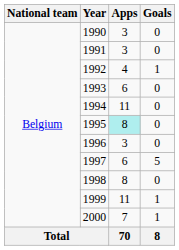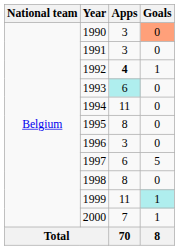 <table class="wikitable" style="text-align:center">
 <tr>
 <th>National team</th>
 <th>Year</th>
 <th>Apps</th>
 <th>Goals</th>
 </tr>
 <tr>
 <td rowspan="11"><a href='#'>Belgium</a></td>
 <td>1990</td>
 <td>3</td>
-<td>0</td>
+<td style="background: lightsalmon;">0</td>
 </tr>
 <tr>
 <td>1991</td>
 <td>3</td>
 <td>0</td>
 </tr>
 <tr>
 <td>1992</td>
-<td>4</td>
+<td><strong>4</strong></td>
 <td>1</td>
 </tr>
 <tr>
 <td>1993</td>
-<td>6</td>
+<td style="background: paleturquoise;">6</td>
 <td>0</td>
 </tr>
 <tr>
 <td>1994</td>
 <td>11</td>
 <td>0</td>
 </tr>
 <tr>
 <td>1995</td>
-<td style="background: paleturquoise;">8</td>
+<td>8</td>
 <td>0</td>
 </tr>
 <tr>
 <td>1996</td>
 <td>3</td>
 <td>0</td>
 </tr>
 <tr>
 <td>1997</td>
 <td>6</td>
 <td>5</td>
 </tr>
 <tr>
 <td>1998</td>
 <td>8</td>
 <td>0</td>
 </tr>
 <tr>
 <td>1999</td>
 <td>11</td>
-<td>1</td>
+<td style="background: paleturquoise;">1</td>
 </tr>
 <tr>
 <td>2000</td>
 <td>7</td>
 <td>1</td>
 </tr>
 <tr>
 <th colspan="2">Total</th>
 <th>70</th>
 <th>8</th>
 </tr>
 </table>
